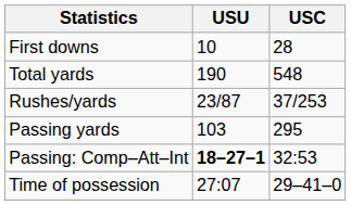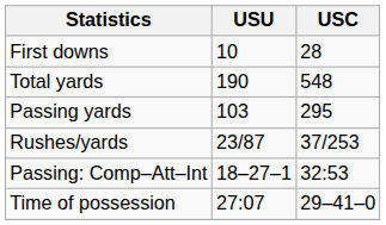 <table class="wikitable" style="float: left;">
 <tr>
 <th>Statistics</th>
 <th>USU</th>
 <th>USC</th>
 </tr>
 <tr>
 <td>First downs</td>
 <td>10</td>
 <td>28</td>
 </tr>
 <tr>
 <td>Total yards</td>
 <td>190</td>
 <td>548</td>
 </tr>
 <tr>
+<td>Passing yards</td>
+<td>103</td>
+<td>295</td>
+</tr>
+<tr>
 <td>Rushes/yards</td>
 <td>23/87</td>
 <td>37/253</td>
 </tr>
 <tr>
-<td>Passing yards</td>
-<td>103</td>
-<td>295</td>
-</tr>
-<tr>
 <td>Passing: Comp–Att–Int</td>
-<td><strong>18–27–1</strong></td>
+<td>18–27–1</td>
 <td>32:53</td>
 </tr>
 <tr>
 <td>Time of possession</td>
 <td>27:07</td>
 <td>29–41–0</td>
 </tr>
 <tr>
 </tr>
 </table>
